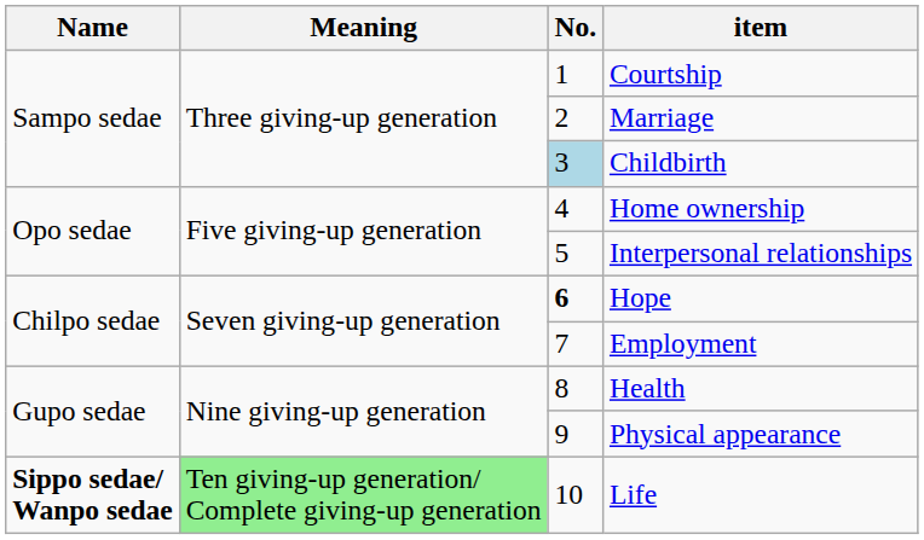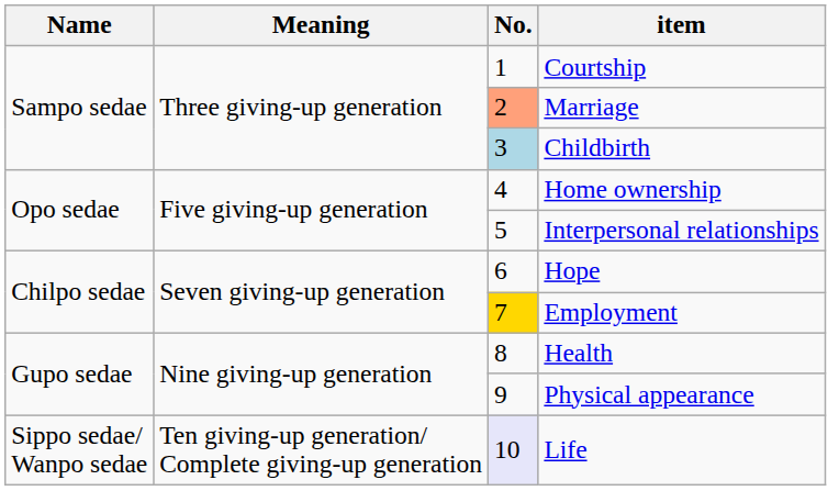 <table class="wikitable sortable floatright" style="text-align:left;">
 <tr>
 <th>Name</th>
 <th>Meaning</th>
 <th>No.</th>
 <th>item</th>
 </tr>
 <tr>
 <td rowspan="3">Sampo sedae</td>
 <td rowspan="3">Three giving-up generation</td>
 <td>1</td>
 <td><a href='#'>Courtship</a></td>
 </tr>
 <tr>
-<td>2</td>
+<td style="background: lightsalmon;">2</td>
 <td><a href='#'>Marriage</a></td>
 </tr>
 <tr>
 <td style="background: lightblue;">3</td>
 <td><a href='#'>Childbirth</a></td>
 </tr>
 <tr>
 <td rowspan="2">Opo sedae</td>
 <td rowspan="2">Five giving-up generation</td>
 <td>4</td>
 <td><a href='#'>Home ownership</a></td>
 </tr>
 <tr>
 <td>5</td>
 <td><a href='#'>Interpersonal relationships</a></td>
 </tr>
 <tr>
 <td rowspan="2">Chilpo sedae</td>
 <td rowspan="2">Seven giving-up generation</td>
-<td><strong>6</strong></td>
+<td>6</td>
 <td><a href='#'>Hope</a></td>
 </tr>
 <tr>
-<td>7</td>
+<td style="background: gold;">7</td>
 <td><a href='#'>Employment</a></td>
 </tr>
 <tr>
 <td rowspan="2">Gupo sedae</td>
 <td rowspan="2">Nine giving-up generation</td>
 <td>8</td>
 <td><a href='#'>Health</a></td>
 </tr>
 <tr>
 <td>9</td>
 <td><a href='#'>Physical appearance</a></td>
 </tr>
 <tr>
-<td><strong>Sippo sedae/<br>Wanpo sedae</strong></td>
-<td style="background: lightgreen;">Ten giving-up generation/<br>Complete giving-up generation</td>
-<td>10</td>
+<td>Sippo sedae/<br>Wanpo sedae</td>
+<td>Ten giving-up generation/<br>Complete giving-up generation</td>
+<td style="background: lavender;">10</td>
 <td><a href='#'>Life</a></td>
 </tr>
 </table>
